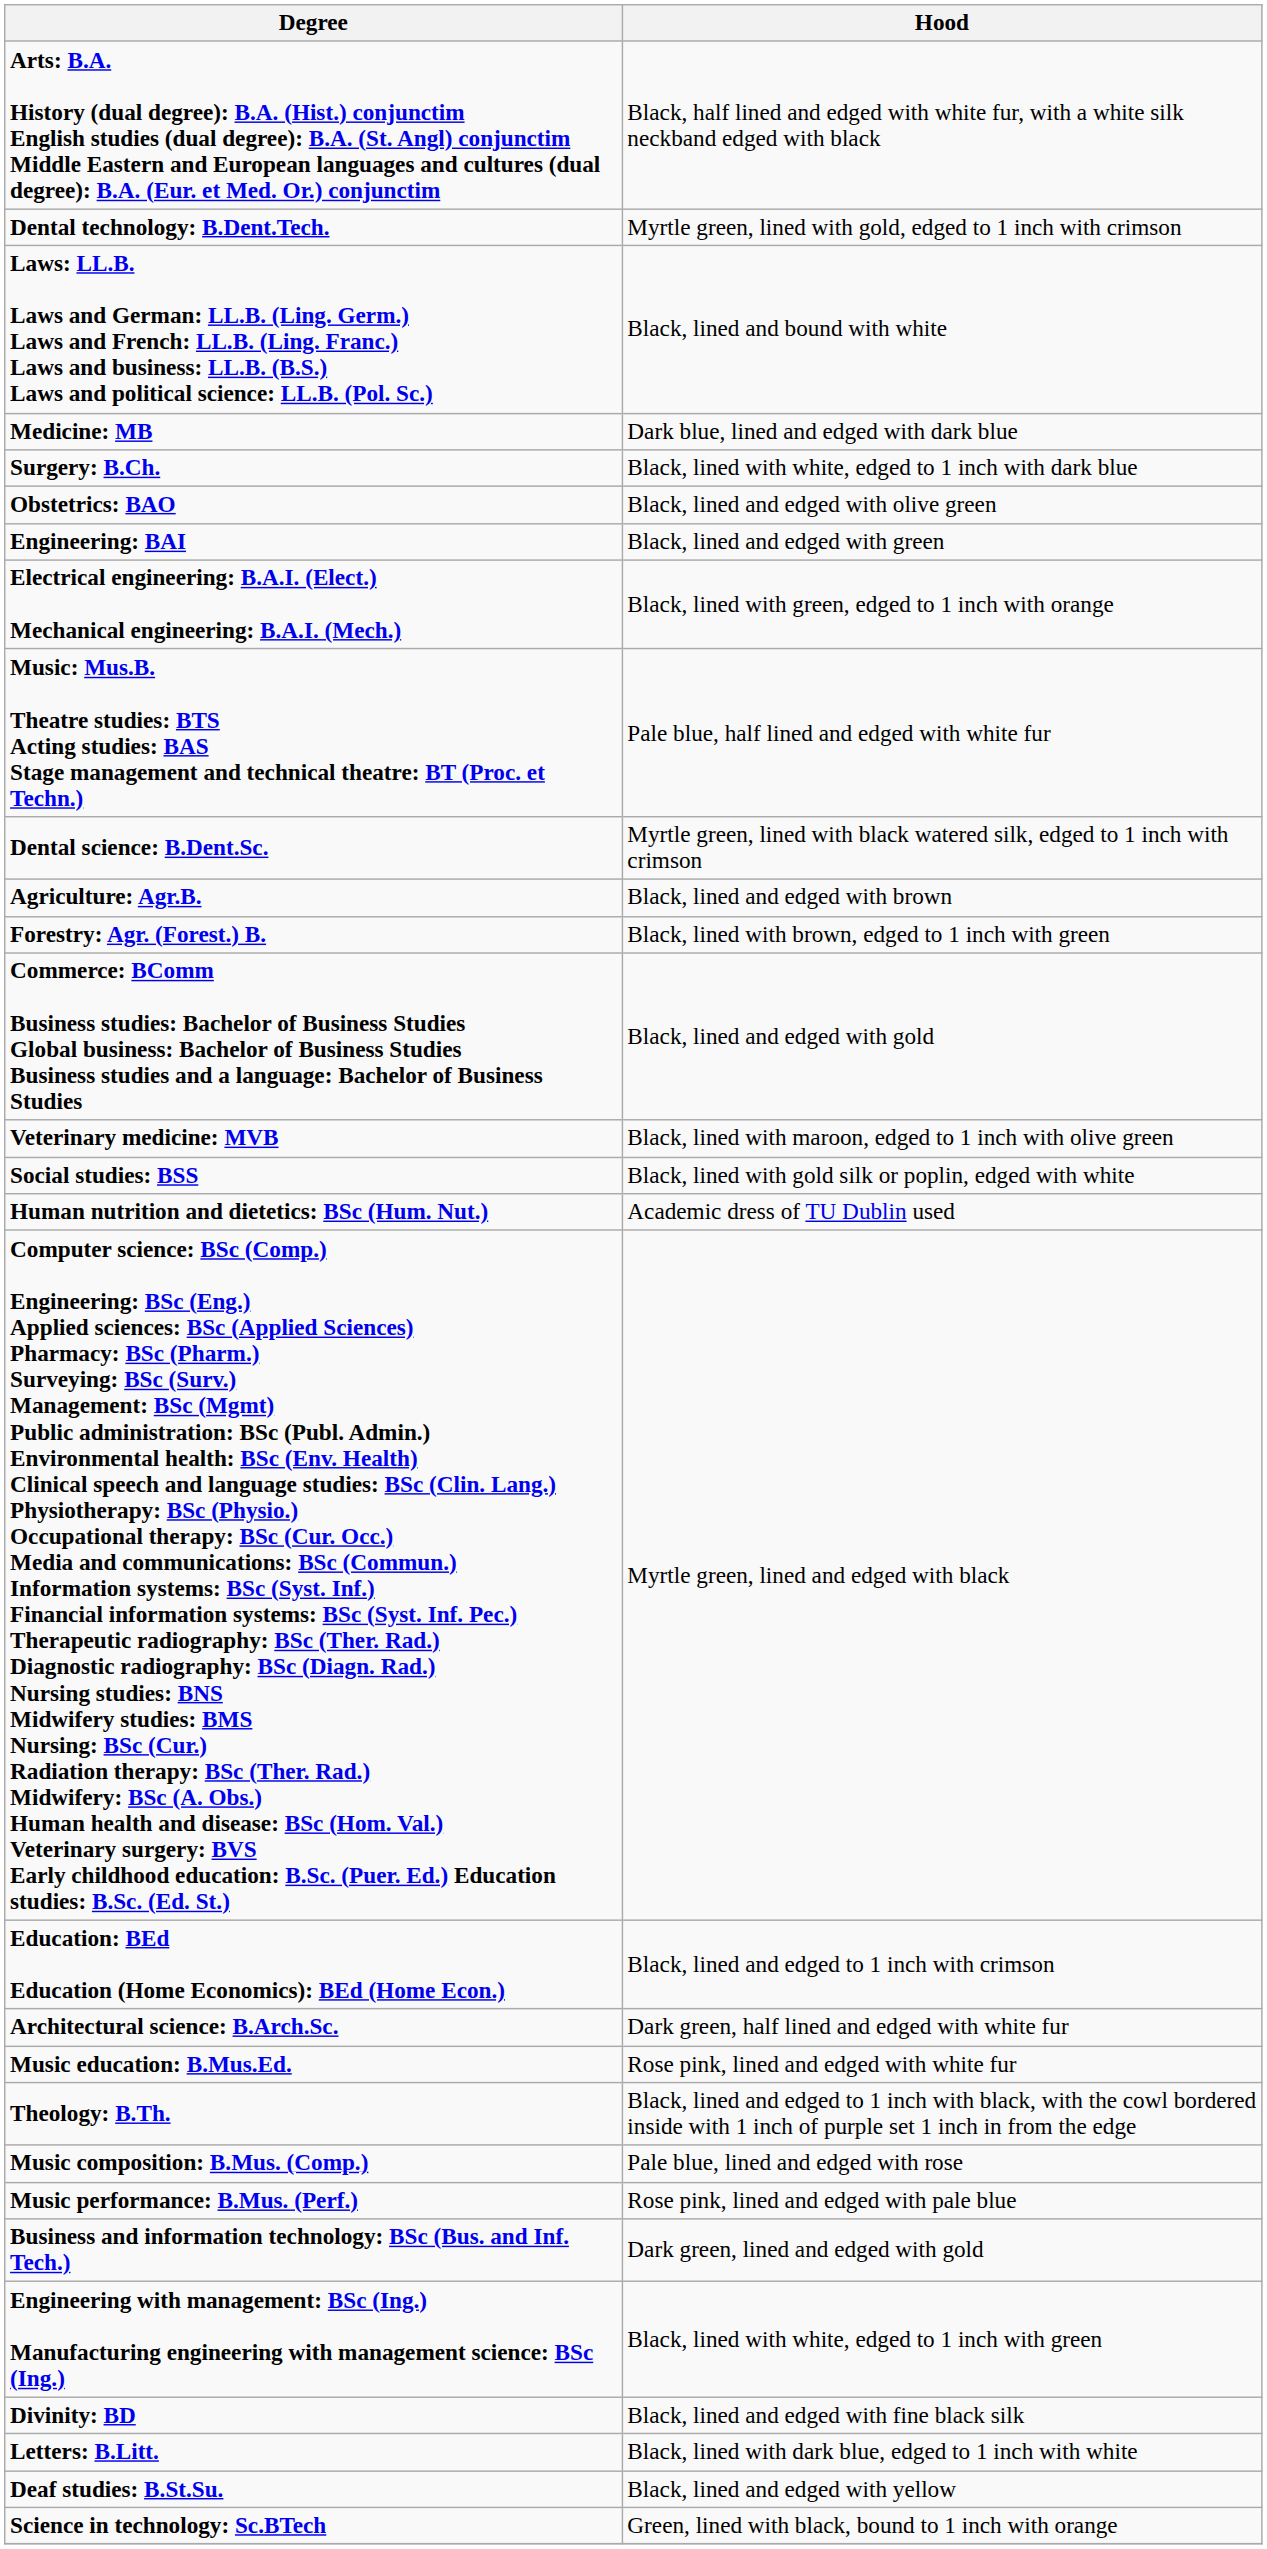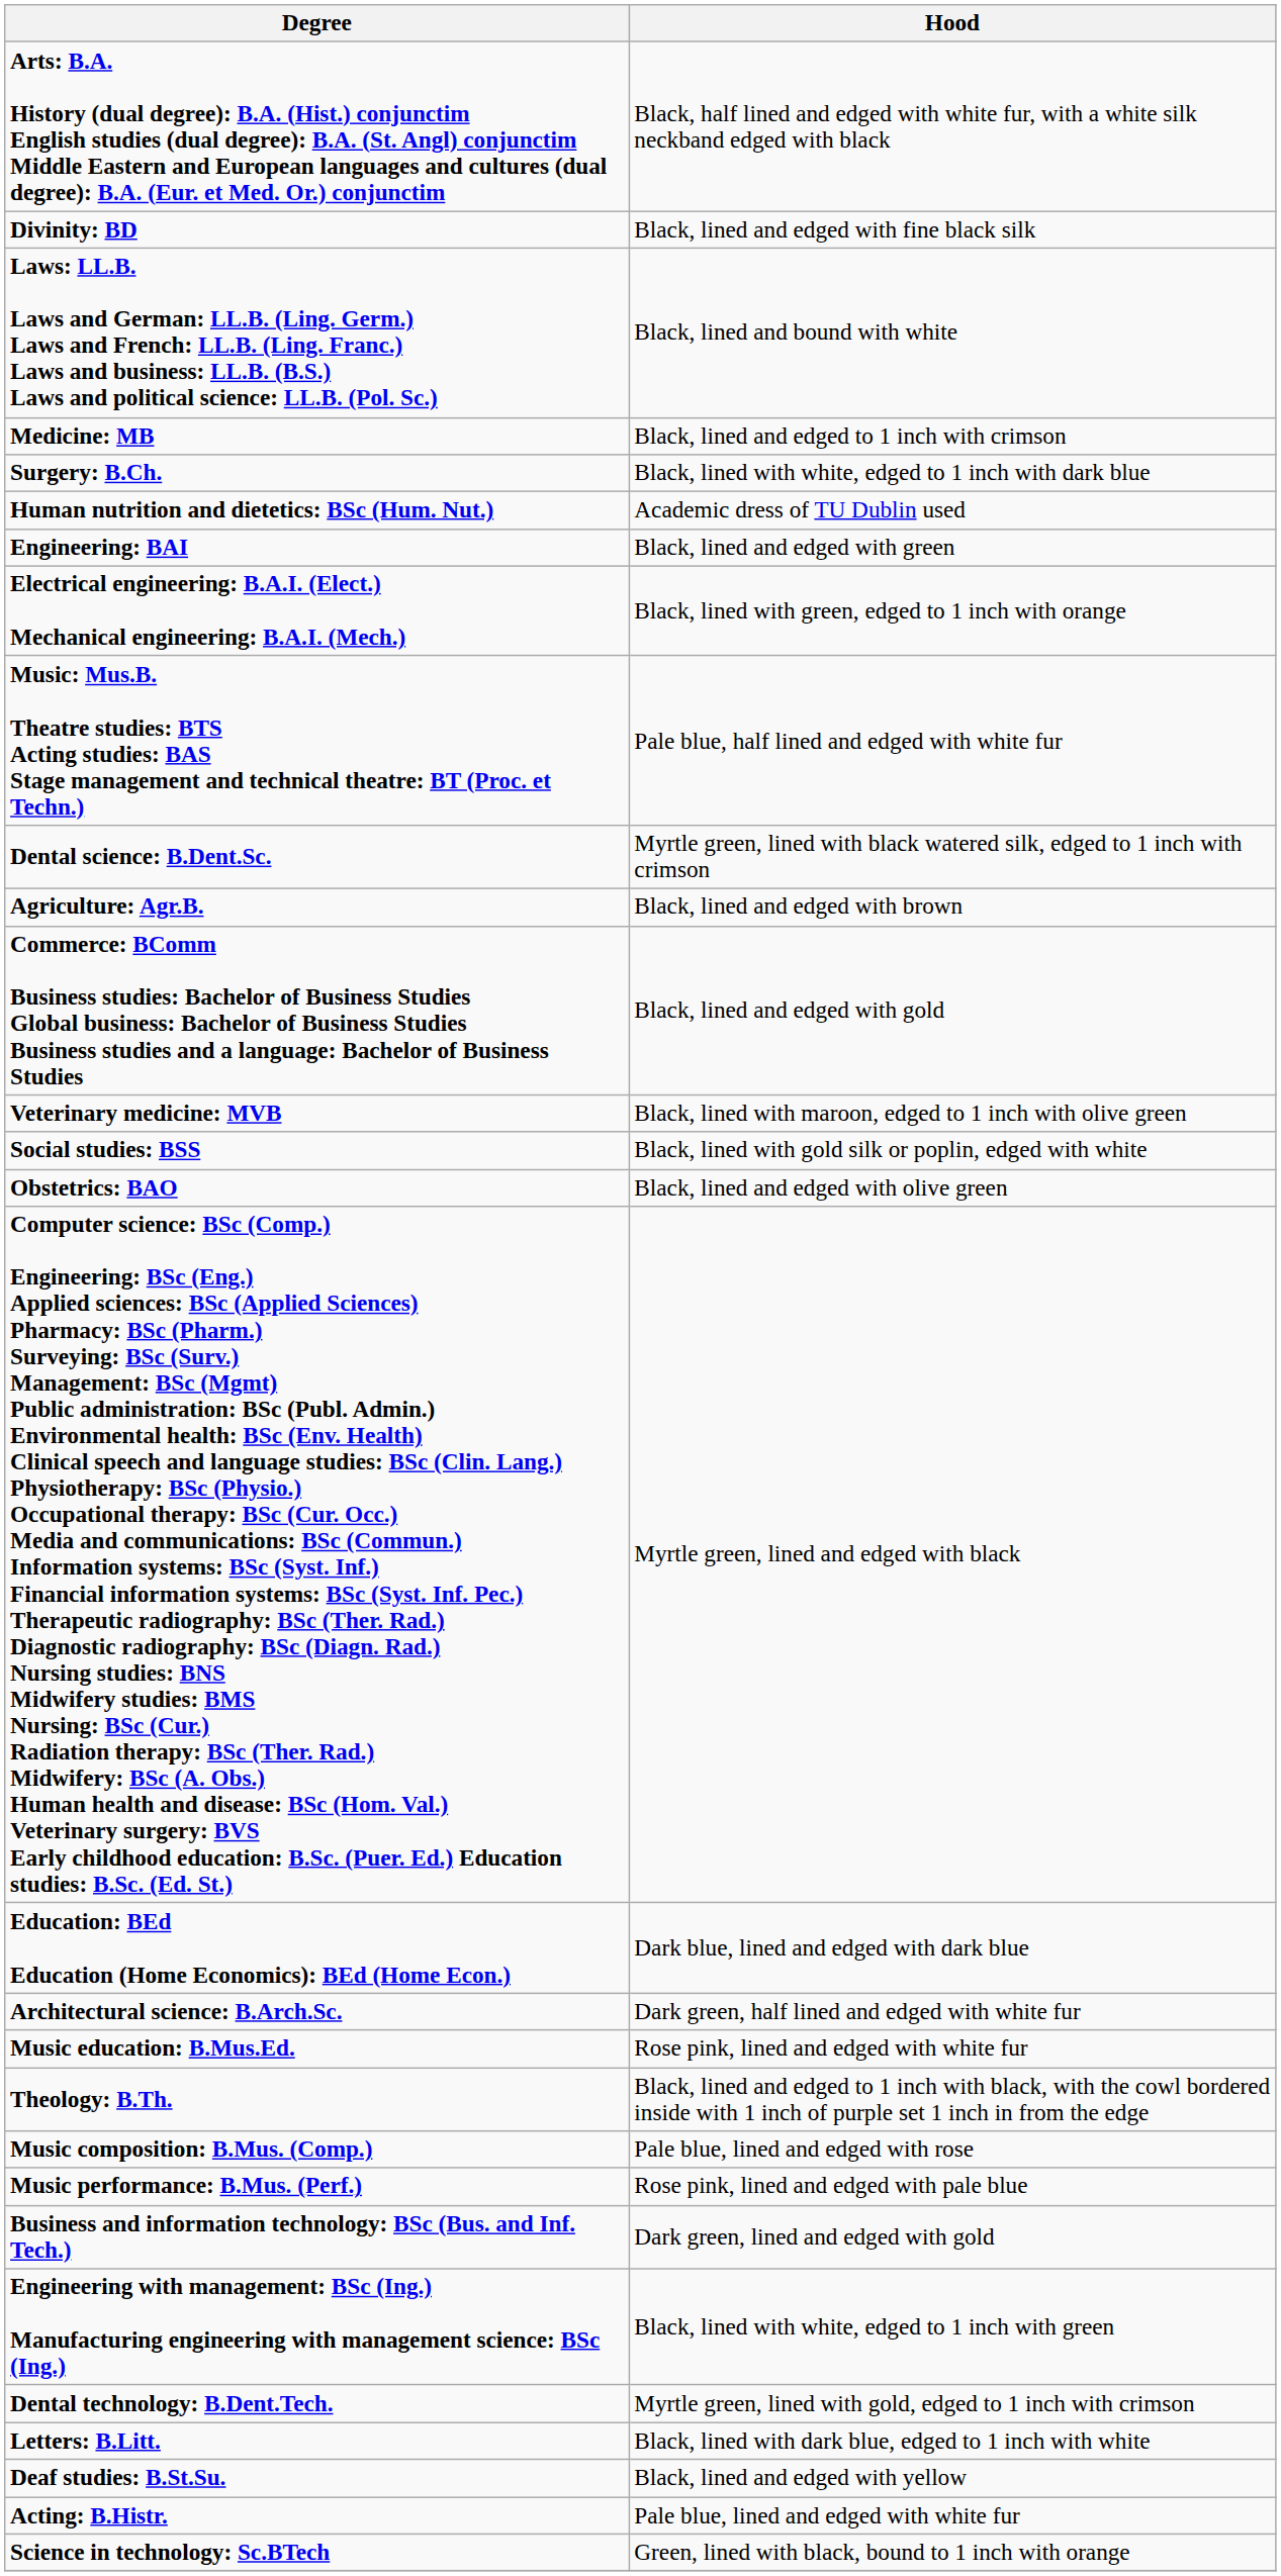 <table class="wikitable">
 <tr>
 <th>Degree</th>
 <th>Hood</th>
 </tr>
 <tr>
 <td><strong>Arts: <a href='#'>B.A.</a> </strong><br><br><strong>History (dual degree): <a href='#'>B.A. (Hist.) conjunctim</a></strong><br> <strong>English studies (dual degree): <a href='#'>B.A. (St. Angl) conjunctim</a></strong><br> <strong>Middle Eastern and European languages and cultures (dual degree): <a href='#'>B.A. (Eur. et Med. Or.) conjunctim</a></strong><br></td>
 <td>Black, half lined and edged with white fur, with a white silk neckband edged with black</td>
 </tr>
 <tr>
-<td><strong>Dental technology: <a href='#'>B.Dent.Tech.</a> </strong></td>
-<td>Myrtle green, lined with gold, edged to 1 inch with crimson</td>
+<td><strong>Divinity: <a href='#'>BD</a> </strong></td>
+<td>Black, lined and edged with fine black silk</td>
 </tr>
 <tr>
 <td><strong>Laws: <a href='#'>LL.B.</a></strong><br><br><strong>Laws and German: <a href='#'>LL.B. (Ling. Germ.)</a></strong><br> <strong>Laws and French: <a href='#'>LL.B. (Ling. Franc.)</a></strong><br> <strong>Laws and business: <a href='#'>LL.B. (B.S.)</a></strong><br> <strong>Laws and political science: <a href='#'>LL.B. (Pol. Sc.)</a></strong><br></td>
 <td>Black, lined and bound with white</td>
 </tr>
 <tr>
 <td><strong>Medicine: <a href='#'>MB</a> </strong></td>
-<td>Dark blue, lined and edged with dark blue</td>
+<td>Black, lined and edged to 1 inch with crimson</td>
 </tr>
 <tr>
 <td><strong>Surgery: <a href='#'>B.Ch.</a> </strong></td>
 <td>Black, lined with white, edged to 1 inch with dark blue</td>
 </tr>
 <tr>
-<td><strong>Obstetrics: <a href='#'>BAO</a> </strong></td>
-<td>Black, lined and edged with olive green</td>
+<td><strong>Human nutrition and dietetics: <a href='#'>BSc (Hum. Nut.)</a></strong><br></td>
+<td>Academic dress of <a href='#'>TU Dublin</a> used</td>
 </tr>
 <tr>
 <td><strong>Engineering: <a href='#'>BAI</a> </strong></td>
 <td>Black, lined and edged with green</td>
 </tr>
 <tr>
 <td><strong>Electrical engineering: <a href='#'>B.A.I. (Elect.)</a></strong><br><br><strong>Mechanical engineering: <a href='#'>B.A.I. (Mech.)</a></strong></td>
 <td>Black, lined with green, edged to 1 inch with orange</td>
 </tr>
 <tr>
 <td><strong>Music: <a href='#'>Mus.B.</a></strong><br><br><strong>Theatre studies: <a href='#'>BTS</a></strong><br> <strong>Acting studies: <a href='#'>BAS</a></strong><br> <strong>Stage management and technical theatre: <a href='#'>BT (Proc. et Techn.)</a></strong><br></td>
 <td>Pale blue, half lined and edged with white fur</td>
 </tr>
 <tr>
 <td><strong>Dental science: <a href='#'>B.Dent.Sc.</a> </strong></td>
 <td>Myrtle green, lined with black watered silk, edged to 1 inch with crimson</td>
 </tr>
 <tr>
 <td><strong>Agriculture: <a href='#'>Agr.B.</a> </strong></td>
 <td>Black, lined and edged with brown</td>
 </tr>
 <tr>
-<td><strong>Forestry: <a href='#'>Agr. (Forest.) B.</a> </strong></td>
-<td>Black, lined with brown, edged to 1 inch with green</td>
-</tr>
-<tr>
 <td><strong>Commerce: <a href='#'>BComm</a></strong><br><br><strong>Business studies: Bachelor of Business Studies</strong><br> <strong>Global business: Bachelor of Business Studies</strong><br> <strong>Business studies and a language: Bachelor of Business Studies </strong></td>
 <td>Black, lined and edged with gold</td>
 </tr>
 <tr>
 <td><strong>Veterinary medicine: <a href='#'>MVB</a> </strong></td>
 <td>Black, lined with maroon, edged to 1 inch with olive green</td>
 </tr>
 <tr>
 <td><strong>Social studies: <a href='#'>BSS</a> </strong></td>
 <td>Black, lined with gold silk or poplin, edged with white</td>
 </tr>
 <tr>
-<td><strong>Human nutrition and dietetics: <a href='#'>BSc (Hum. Nut.)</a></strong><br></td>
-<td>Academic dress of <a href='#'>TU Dublin</a> used</td>
+<td><strong>Obstetrics: <a href='#'>BAO</a> </strong></td>
+<td>Black, lined and edged with olive green</td>
 </tr>
 <tr>
 <td><strong>Computer science: <a href='#'>BSc (Comp.)</a></strong><br><br><strong>Engineering: <a href='#'>BSc (Eng.)</a></strong><br> <strong>Applied sciences: <a href='#'>BSc (Applied Sciences)</a></strong><br> <strong>Pharmacy: <a href='#'>BSc (Pharm.)</a></strong><br> <strong>Surveying: <a href='#'>BSc (Surv.)</a></strong><br> <strong>Management: <a href='#'>BSc (Mgmt)</a></strong><br> <strong>Public administration: BSc (Publ. Admin.)</strong><br> <strong>Environmental health: <a href='#'>BSc (Env. Health)</a></strong><br> <strong>Clinical speech and language studies: <a href='#'>BSc (Clin. Lang.)</a></strong><br> <strong>Physiotherapy: <a href='#'>BSc (Physio.)</a></strong><br> <strong>Occupational therapy: <a href='#'>BSc (Cur. Occ.)</a></strong><br> <strong>Media and communications: <a href='#'>BSc (Commun.)</a></strong><br> <strong>Information systems: <a href='#'>BSc (Syst. Inf.)</a></strong><br> <strong>Financial information systems: <a href='#'>BSc (Syst. Inf. Pec.)</a></strong><br> <strong>Therapeutic radiography: <a href='#'>BSc (Ther. Rad.)</a></strong><br> <strong>Diagnostic radiography: <a href='#'>BSc (Diagn. Rad.)</a></strong><br> <strong>Nursing studies: <a href='#'>BNS</a></strong><br> <strong>Midwifery studies: <a href='#'>BMS</a></strong><br> <strong>Nursing: <a href='#'>BSc (Cur.)</a></strong><br> <strong>Radiation therapy: <a href='#'>BSc (Ther. Rad.)</a></strong><br> <strong>Midwifery: <a href='#'>BSc (A. Obs.)</a></strong><br> <strong>Human health and disease: <a href='#'>BSc (Hom. Val.)</a></strong><br> <strong>Veterinary surgery: <a href='#'>BVS</a></strong><br> <strong>Early childhood education: <a href='#'>B.Sc. (Puer. Ed.)</a></strong> <strong>Education studies: <a href='#'>B.Sc. (Ed. St.)</a></strong><br></td>
 <td>Myrtle green, lined and edged with black</td>
 </tr>
 <tr>
 <td><strong>Education: <a href='#'>BEd</a></strong><br><br><strong>Education (Home Economics): <a href='#'>BEd (Home Econ.)</a></strong></td>
-<td>Black, lined and edged to 1 inch with crimson</td>
+<td>Dark blue, lined and edged with dark blue</td>
 </tr>
 <tr>
 <td><strong>Architectural science: <a href='#'>B.Arch.Sc.</a> </strong></td>
 <td>Dark green, half lined and edged with white fur</td>
 </tr>
 <tr>
 <td><strong>Music education: <a href='#'>B.Mus.Ed.</a></strong><br></td>
 <td>Rose pink, lined and edged with white fur</td>
 </tr>
 <tr>
 <td><strong>Theology: <a href='#'>B.Th.</a> </strong></td>
 <td>Black, lined and edged to 1 inch with black, with the cowl bordered inside with 1 inch of purple set 1 inch in from the edge</td>
 </tr>
 <tr>
 <td><strong>Music composition: <a href='#'>B.Mus. (Comp.)</a> </strong></td>
 <td>Pale blue, lined and edged with rose</td>
 </tr>
 <tr>
 <td><strong>Music performance: <a href='#'>B.Mus. (Perf.)</a></strong></td>
 <td>Rose pink, lined and edged with pale blue</td>
 </tr>
 <tr>
 <td><strong>Business and information technology: <a href='#'>BSc (Bus. and Inf. Tech.)</a> </strong></td>
 <td>Dark green, lined and edged with gold</td>
 </tr>
 <tr>
 <td><strong>Engineering with management: <a href='#'>BSc (Ing.)</a></strong><br><br><strong>Manufacturing engineering with management science: <a href='#'>BSc (Ing.)</a></strong></td>
 <td>Black, lined with white, edged to 1 inch with green</td>
 </tr>
 <tr>
-<td><strong>Divinity: <a href='#'>BD</a> </strong></td>
-<td>Black, lined and edged with fine black silk</td>
+<td><strong>Dental technology: <a href='#'>B.Dent.Tech.</a> </strong></td>
+<td>Myrtle green, lined with gold, edged to 1 inch with crimson</td>
 </tr>
 <tr>
 <td><strong>Letters: <a href='#'>B.Litt.</a> </strong></td>
 <td>Black, lined with dark blue, edged to 1 inch with white</td>
 </tr>
 <tr>
 <td><strong>Deaf studies: <a href='#'>B.St.Su.</a> </strong></td>
 <td>Black, lined and edged with yellow</td>
 </tr>
 <tr>
+<td><strong>Acting: <a href='#'>B.Histr.</a> </strong></td>
+<td>Pale blue, lined and edged with white fur</td>
+</tr>
+<tr>
 <td><strong>Science in technology: <a href='#'>Sc.BTech</a></strong></td>
 <td>Green, lined with black, bound to 1 inch with orange</td>
 </tr>
 <tr>
 </tr>
 </table>
